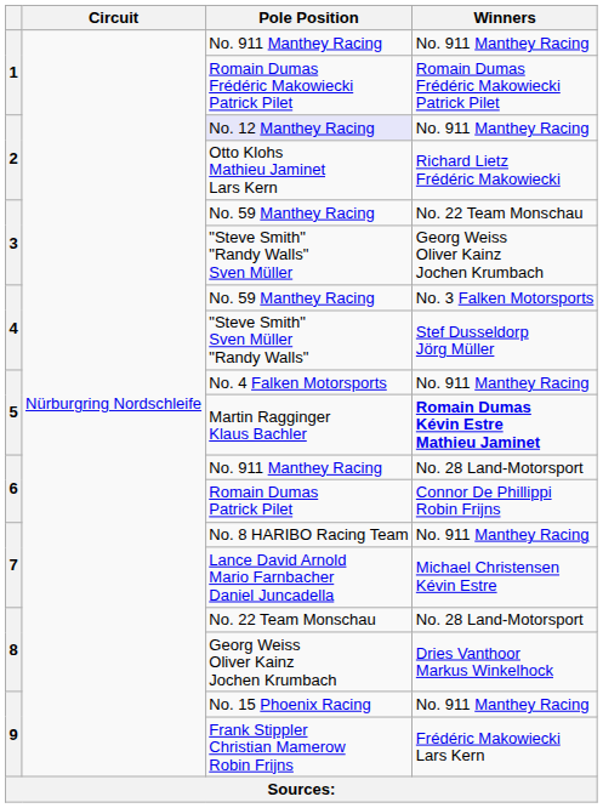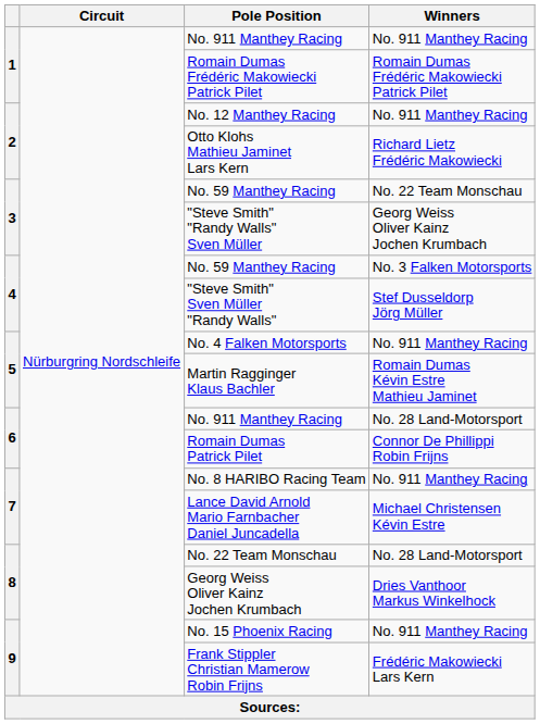 <table class="wikitable" style="font-size: 85%;">
 <tr>
 <th></th>
 <th>Circuit</th>
 <th>Pole Position</th>
 <th>Winners</th>
 </tr>
 <tr>
 <th rowspan=2>1</th>
 <td rowspan="18"> <a href='#'>Nürburgring Nordschleife</a></td>
 <td>No. 911  <a href='#'>Manthey Racing</a></td>
 <td>No. 911  <a href='#'>Manthey Racing</a></td>
 </tr>
 <tr>
 <td> <a href='#'>Romain Dumas</a><br> <a href='#'>Frédéric Makowiecki</a><br> <a href='#'>Patrick Pilet</a></td>
 <td> <a href='#'>Romain Dumas</a><br> <a href='#'>Frédéric Makowiecki</a><br> <a href='#'>Patrick Pilet</a></td>
 </tr>
 <tr>
 <th rowspan=2>2</th>
-<td style="background: lavender;">No. 12  <a href='#'>Manthey Racing</a></td>
+<td>No. 12  <a href='#'>Manthey Racing</a></td>
 <td>No. 911  <a href='#'>Manthey Racing</a></td>
 </tr>
 <tr>
 <td> Otto Klohs<br> <a href='#'>Mathieu Jaminet</a><br> Lars Kern</td>
 <td> <a href='#'>Richard Lietz</a><br> <a href='#'>Frédéric Makowiecki</a></td>
 </tr>
 <tr>
 <th rowspan=2>3</th>
 <td>No. 59  <a href='#'>Manthey Racing</a></td>
 <td>No. 22  Team Monschau</td>
 </tr>
 <tr>
 <td> "Steve Smith"<br> "Randy Walls"<br> <a href='#'>Sven Müller</a></td>
 <td> Georg Weiss<br> Oliver Kainz<br> Jochen Krumbach</td>
 </tr>
 <tr>
 <th rowspan=2>4</th>
 <td>No. 59  <a href='#'>Manthey Racing</a></td>
 <td>No. 3  <a href='#'>Falken Motorsports</a></td>
 </tr>
 <tr>
 <td> "Steve Smith"<br> <a href='#'>Sven Müller</a><br> "Randy Walls"</td>
 <td> <a href='#'>Stef Dusseldorp</a><br> <a href='#'>Jörg Müller</a></td>
 </tr>
 <tr>
 <th rowspan=2>5</th>
 <td>No. 4  <a href='#'>Falken Motorsports</a></td>
 <td>No. 911  <a href='#'>Manthey Racing</a></td>
 </tr>
 <tr>
 <td> Martin Ragginger<br> <a href='#'>Klaus Bachler</a></td>
-<td><strong> <a href='#'>Romain Dumas</a><br> <a href='#'>Kévin Estre</a><br> <a href='#'>Mathieu Jaminet</a></strong></td>
+<td> <a href='#'>Romain Dumas</a><br> <a href='#'>Kévin Estre</a><br> <a href='#'>Mathieu Jaminet</a></td>
 </tr>
 <tr>
 <th rowspan=2>6</th>
 <td>No. 911  <a href='#'>Manthey Racing</a></td>
 <td>No. 28  Land-Motorsport</td>
 </tr>
 <tr>
 <td> <a href='#'>Romain Dumas</a><br> <a href='#'>Patrick Pilet</a></td>
 <td> <a href='#'>Connor De Phillippi</a><br> <a href='#'>Robin Frijns</a></td>
 </tr>
 <tr>
 <th rowspan=2>7</th>
 <td>No. 8  HARIBO Racing Team</td>
 <td>No. 911  <a href='#'>Manthey Racing</a></td>
 </tr>
 <tr>
 <td> <a href='#'>Lance David Arnold</a><br> <a href='#'>Mario Farnbacher</a><br> <a href='#'>Daniel Juncadella</a></td>
 <td> <a href='#'>Michael Christensen</a><br> <a href='#'>Kévin Estre</a></td>
 </tr>
 <tr>
 <th rowspan=2>8</th>
 <td>No. 22  Team Monschau</td>
 <td>No. 28  Land-Motorsport</td>
 </tr>
 <tr>
 <td> Georg Weiss<br> Oliver Kainz<br> Jochen Krumbach</td>
 <td> <a href='#'>Dries Vanthoor</a><br> <a href='#'>Markus Winkelhock</a></td>
 </tr>
 <tr>
 <th rowspan=2>9</th>
 <td>No. 15  <a href='#'>Phoenix Racing</a></td>
 <td>No. 911  <a href='#'>Manthey Racing</a></td>
 </tr>
 <tr>
 <td> <a href='#'>Frank Stippler</a><br> <a href='#'>Christian Mamerow</a><br> <a href='#'>Robin Frijns</a></td>
 <td> <a href='#'>Frédéric Makowiecki</a><br> Lars Kern</td>
 </tr>
 <tr>
 <th colspan=4>Sources:</th>
 </tr>
 </table>
